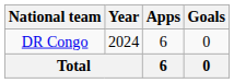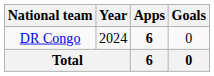 <table class=wikitable style=text-align:center>
 <tr>
 <th>National team</th>
 <th>Year</th>
 <th>Apps</th>
 <th>Goals</th>
 </tr>
 <tr>
 <td rowspan="1"><a href='#'>DR Congo</a></td>
 <td>2024</td>
-<td>6</td>
+<td><strong>6</strong></td>
 <td>0</td>
 </tr>
 <tr>
 <th colspan="2">Total</th>
 <th>6</th>
 <th>0</th>
 </tr>
 </table>
